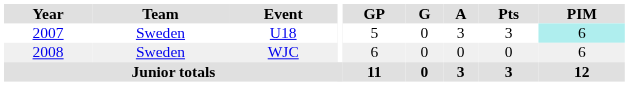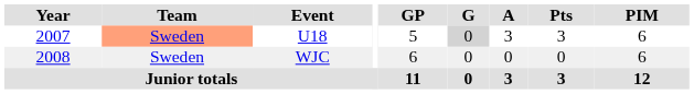 <table border="0" cellpadding="1" cellspacing="0" ID="Table3" style="text-align:center; width:40em">
 <tr bgcolor="#e0e0e0">
 <th>Year</th>
 <th>Team</th>
 <th>Event</th>
 <th rowspan="102" bgcolor="#ffffff"></th>
 <th>GP</th>
 <th>G</th>
 <th>A</th>
 <th>Pts</th>
 <th>PIM</th>
 </tr>
 <tr>
 <td><a href='#'>2007</a></td>
-<td><a href='#'>Sweden</a></td>
+<td style="background: lightsalmon;"><a href='#'>Sweden</a></td>
 <td><a href='#'>U18</a></td>
 <td>5</td>
-<td>0</td>
+<td style="background: lightgrey;">0</td>
 <td>3</td>
 <td>3</td>
-<td style="background: paleturquoise;">6</td>
+<td>6</td>
 </tr>
 <tr bgcolor="#f0f0f0">
 <td><a href='#'>2008</a></td>
 <td><a href='#'>Sweden</a></td>
 <td><a href='#'>WJC</a></td>
 <td>6</td>
 <td>0</td>
 <td>0</td>
 <td>0</td>
 <td>6</td>
 </tr>
 <tr bgcolor="#e0e0e0">
 <th colspan="4">Junior totals</th>
 <th>11</th>
 <th>0</th>
 <th>3</th>
 <th>3</th>
 <th>12</th>
 </tr>
 </table>
